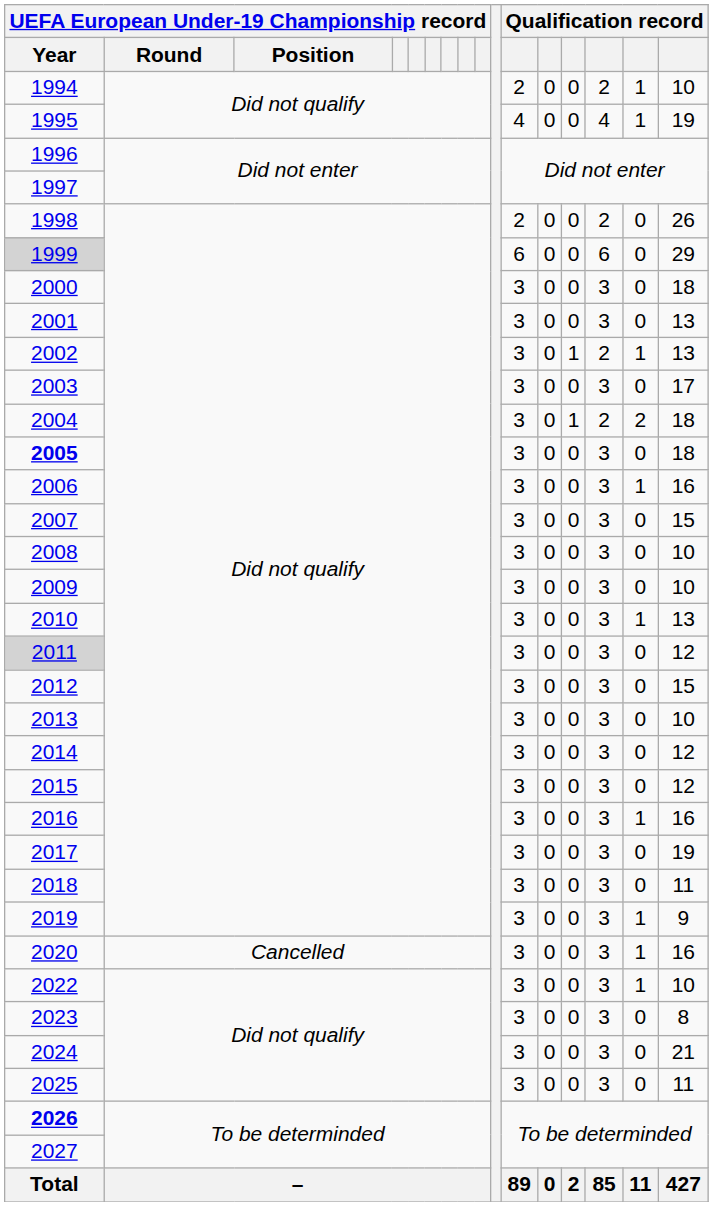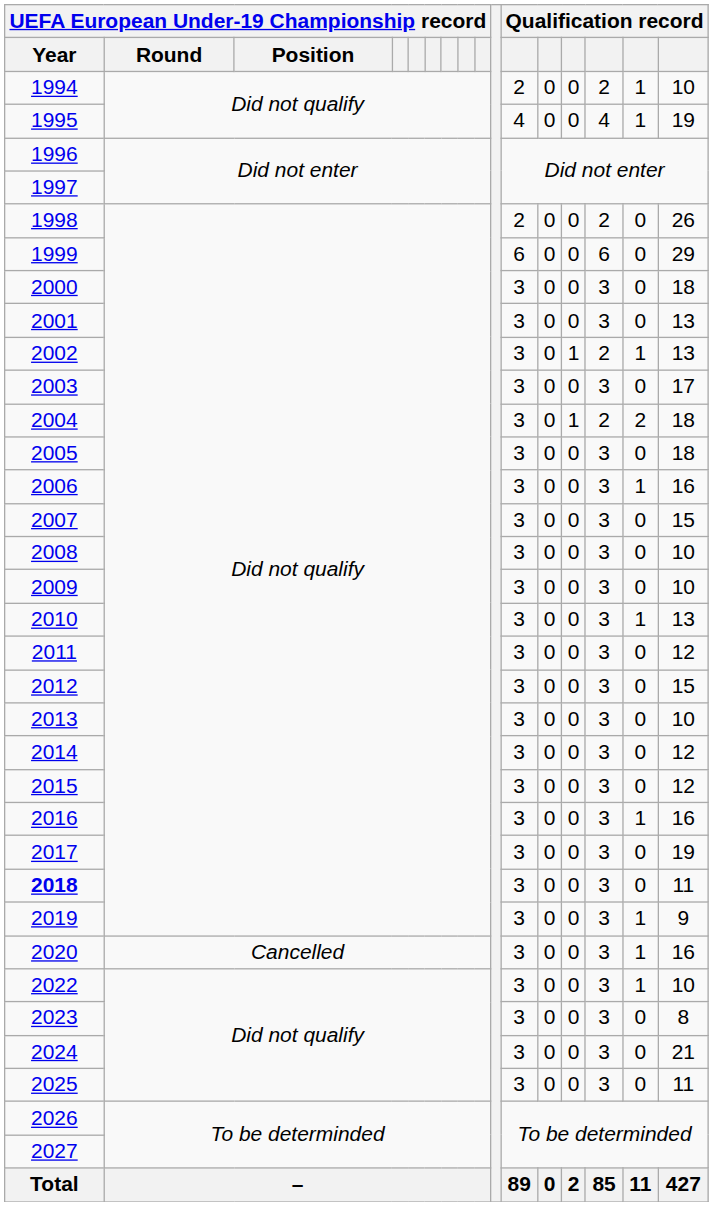 <table class="wikitable" style="text-align: center;">
 <tr>
 <th colspan=9><a href='#'>UEFA European Under-19 Championship</a> record</th>
 <th rowspan="90"></th>
 <th colspan=6>Qualification record</th>
 </tr>
 <tr>
 <th>Year</th>
 <th>Round</th>
 <th>Position</th>
 <th></th>
 <th></th>
 <th></th>
 <th></th>
 <th></th>
 <th></th>
 <th></th>
 <th></th>
 <th></th>
 <th></th>
 <th></th>
 <th></th>
 </tr>
 <tr>
 <td> <a href='#'>1994</a></td>
 <td colspan=8 rowspan=2><em>Did not qualify</em></td>
 <td>2</td>
 <td>0</td>
 <td>0</td>
 <td>2</td>
 <td>1</td>
 <td>10</td>
 </tr>
 <tr>
 <td> <a href='#'>1995</a></td>
 <td>4</td>
 <td>0</td>
 <td>0</td>
 <td>4</td>
 <td>1</td>
 <td>19</td>
 </tr>
 <tr>
 <td> <a href='#'>1996</a></td>
 <td colspan=8 rowspan=2><em>Did not enter</em></td>
 <td colspan=6 rowspan=2><em>Did not enter</em></td>
 </tr>
 <tr>
 <td> <a href='#'>1997</a></td>
 </tr>
 <tr>
 <td> <a href='#'>1998</a></td>
 <td colspan=8 rowspan=22><em>Did not qualify</em></td>
 <td>2</td>
 <td>0</td>
 <td>0</td>
 <td>2</td>
 <td>0</td>
 <td>26</td>
 </tr>
 <tr>
-<td style="background: lightgrey;"> <a href='#'>1999</a></td>
+<td> <a href='#'>1999</a></td>
 <td>6</td>
 <td>0</td>
 <td>0</td>
 <td>6</td>
 <td>0</td>
 <td>29</td>
 </tr>
 <tr>
 <td> <a href='#'>2000</a></td>
 <td>3</td>
 <td>0</td>
 <td>0</td>
 <td>3</td>
 <td>0</td>
 <td>18</td>
 </tr>
 <tr>
 <td> <a href='#'>2001</a></td>
 <td>3</td>
 <td>0</td>
 <td>0</td>
 <td>3</td>
 <td>0</td>
 <td>13</td>
 </tr>
 <tr>
 <td> <a href='#'>2002</a></td>
 <td>3</td>
 <td>0</td>
 <td>1</td>
 <td>2</td>
 <td>1</td>
 <td>13</td>
 </tr>
 <tr>
 <td> <a href='#'>2003</a></td>
 <td>3</td>
 <td>0</td>
 <td>0</td>
 <td>3</td>
 <td>0</td>
 <td>17</td>
 </tr>
 <tr>
 <td> <a href='#'>2004</a></td>
 <td>3</td>
 <td>0</td>
 <td>1</td>
 <td>2</td>
 <td>2</td>
 <td>18</td>
 </tr>
 <tr>
-<td><strong> <a href='#'>2005</a></strong></td>
+<td> <a href='#'>2005</a></td>
 <td>3</td>
 <td>0</td>
 <td>0</td>
 <td>3</td>
 <td>0</td>
 <td>18</td>
 </tr>
 <tr>
 <td> <a href='#'>2006</a></td>
 <td>3</td>
 <td>0</td>
 <td>0</td>
 <td>3</td>
 <td>1</td>
 <td>16</td>
 </tr>
 <tr>
 <td> <a href='#'>2007</a></td>
 <td>3</td>
 <td>0</td>
 <td>0</td>
 <td>3</td>
 <td>0</td>
 <td>15</td>
 </tr>
 <tr>
 <td> <a href='#'>2008</a></td>
 <td>3</td>
 <td>0</td>
 <td>0</td>
 <td>3</td>
 <td>0</td>
 <td>10</td>
 </tr>
 <tr>
 <td> <a href='#'>2009</a></td>
 <td>3</td>
 <td>0</td>
 <td>0</td>
 <td>3</td>
 <td>0</td>
 <td>10</td>
 </tr>
 <tr>
 <td> <a href='#'>2010</a></td>
 <td>3</td>
 <td>0</td>
 <td>0</td>
 <td>3</td>
 <td>1</td>
 <td>13</td>
 </tr>
 <tr>
-<td style="background: lightgrey;"> <a href='#'>2011</a></td>
+<td> <a href='#'>2011</a></td>
 <td>3</td>
 <td>0</td>
 <td>0</td>
 <td>3</td>
 <td>0</td>
 <td>12</td>
 </tr>
 <tr>
 <td> <a href='#'>2012</a></td>
 <td>3</td>
 <td>0</td>
 <td>0</td>
 <td>3</td>
 <td>0</td>
 <td>15</td>
 </tr>
 <tr>
 <td> <a href='#'>2013</a></td>
 <td>3</td>
 <td>0</td>
 <td>0</td>
 <td>3</td>
 <td>0</td>
 <td>10</td>
 </tr>
 <tr>
 <td> <a href='#'>2014</a></td>
 <td>3</td>
 <td>0</td>
 <td>0</td>
 <td>3</td>
 <td>0</td>
 <td>12</td>
 </tr>
 <tr>
 <td> <a href='#'>2015</a></td>
 <td>3</td>
 <td>0</td>
 <td>0</td>
 <td>3</td>
 <td>0</td>
 <td>12</td>
 </tr>
 <tr>
 <td> <a href='#'>2016</a></td>
 <td>3</td>
 <td>0</td>
 <td>0</td>
 <td>3</td>
 <td>1</td>
 <td>16</td>
 </tr>
 <tr>
 <td> <a href='#'>2017</a></td>
 <td>3</td>
 <td>0</td>
 <td>0</td>
 <td>3</td>
 <td>0</td>
 <td>19</td>
 </tr>
 <tr>
-<td> <a href='#'>2018</a></td>
+<td><strong> <a href='#'>2018</a></strong></td>
 <td>3</td>
 <td>0</td>
 <td>0</td>
 <td>3</td>
 <td>0</td>
 <td>11</td>
 </tr>
 <tr>
 <td> <a href='#'>2019</a></td>
 <td>3</td>
 <td>0</td>
 <td>0</td>
 <td>3</td>
 <td>1</td>
 <td>9</td>
 </tr>
 <tr>
 <td> <a href='#'>2020</a></td>
 <td colspan=8><em>Cancelled</em></td>
 <td>3</td>
 <td>0</td>
 <td>0</td>
 <td>3</td>
 <td>1</td>
 <td>16</td>
 </tr>
 <tr>
 <td> <a href='#'>2022</a></td>
 <td colspan=8 rowspan=4><em>Did not qualify</em></td>
 <td>3</td>
 <td>0</td>
 <td>0</td>
 <td>3</td>
 <td>1</td>
 <td>10</td>
 </tr>
 <tr>
 <td> <a href='#'>2023</a></td>
 <td>3</td>
 <td>0</td>
 <td>0</td>
 <td>3</td>
 <td>0</td>
 <td>8</td>
 </tr>
 <tr>
 <td> <a href='#'>2024</a></td>
 <td>3</td>
 <td>0</td>
 <td>0</td>
 <td>3</td>
 <td>0</td>
 <td>21</td>
 </tr>
 <tr>
 <td> <a href='#'>2025</a></td>
 <td>3</td>
 <td>0</td>
 <td>0</td>
 <td>3</td>
 <td>0</td>
 <td>11</td>
 </tr>
 <tr>
-<td><strong> <a href='#'>2026</a></strong></td>
+<td> <a href='#'>2026</a></td>
 <td colspan=8 rowspan=2><em>To be determinded</em></td>
 <td colspan=6 rowspan=2><em>To be determinded</em></td>
 </tr>
 <tr>
 <td> <a href='#'>2027</a></td>
 </tr>
 <tr>
 <th>Total</th>
 <th colspan=8>–</th>
 <th>89</th>
 <th>0</th>
 <th>2</th>
 <th>85</th>
 <th>11</th>
 <th>427</th>
 </tr>
 </table>
